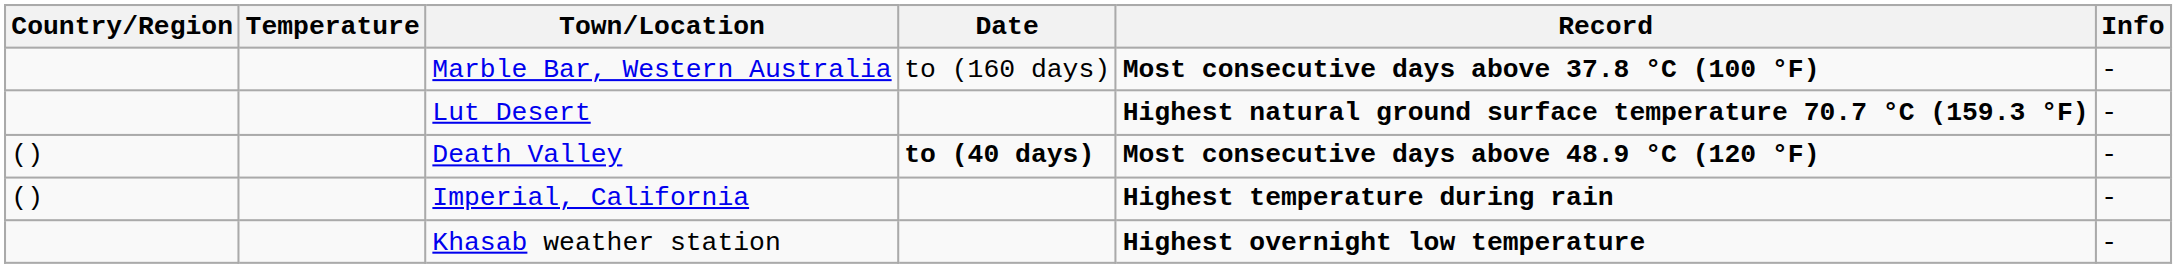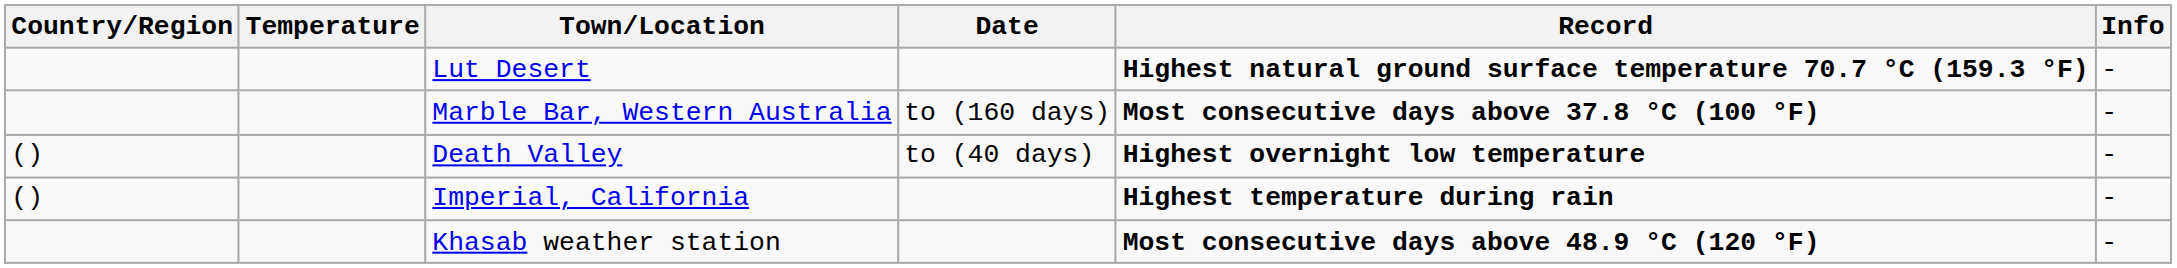 <table class="wikitable sortable">
 <tr>
 <th>Country/Region</th>
 <th data-sort-type="number">Temperature</th>
 <th>Town/Location</th>
 <th>Date</th>
 <th>Record</th>
 <th>Info</th>
 </tr>
 <tr>
 <td></td>
 <td></td>
+<td><a href='#'>Lut Desert</a></td>
+<td></td>
+<td><strong>Highest natural ground surface temperature 70.7 °C (159.3 °F)</strong></td>
+<td>-</td>
+</tr>
+<tr>
+<td></td>
+<td></td>
 <td><a href='#'>Marble Bar, Western Australia</a></td>
 <td> to  (160 days)</td>
 <td><strong>Most consecutive days above 37.8 °C (100 °F)</strong></td>
 <td>-</td>
 </tr>
 <tr>
-<td></td>
-<td></td>
-<td><a href='#'>Lut Desert</a></td>
-<td></td>
-<td><strong>Highest natural ground surface temperature 70.7 °C (159.3 °F)</strong></td>
-<td>-</td>
-</tr>
-<tr>
 <td> ()</td>
 <td></td>
 <td><a href='#'>Death Valley</a></td>
-<td><strong> to  (40 days)</strong></td>
-<td><strong>Most consecutive days above 48.9 °C (120 °F)</strong></td>
+<td> to  (40 days)</td>
+<td><strong>Highest overnight low temperature</strong></td>
 <td>-</td>
 </tr>
 <tr>
 <td> ()</td>
 <td></td>
 <td><a href='#'>Imperial, California</a></td>
 <td></td>
 <td><strong>Highest temperature during rain</strong></td>
 <td>-</td>
 </tr>
 <tr>
 <td></td>
 <td></td>
 <td><a href='#'>Khasab</a> weather station</td>
 <td></td>
-<td><strong>Highest overnight low temperature</strong></td>
+<td><strong>Most consecutive days above 48.9 °C (120 °F)</strong></td>
 <td>-</td>
 </tr>
 </table>
